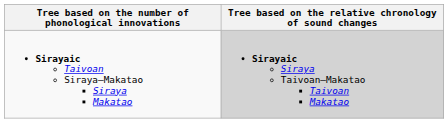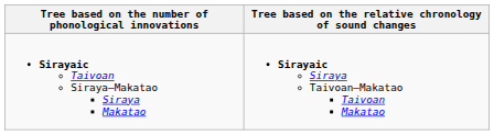 <table class=wikitable>
 <tr>
 <th>Tree based on the number of phonological innovations</th>
 <th>Tree based on the relative chronology of sound changes</th>
 </tr>
 <tr>
 <td><br><ul><li><strong>Sirayaic</strong><ul><li><em><a href='#'>Taivoan</a></em></li><li>Siraya–Makatao<ul><li><em><a href='#'>Siraya</a></em></li><li><em><a href='#'>Makatao</a></em></li></ul></li></ul></li></ul></td>
-<td style="background: lightgrey;"><br><ul><li><strong>Sirayaic</strong><ul><li><em><a href='#'>Siraya</a></em></li><li>Taivoan–Makatao<ul><li><em><a href='#'>Taivoan</a></em></li><li><em><a href='#'>Makatao</a></em></li></ul></li></ul></li></ul></td>
+<td><br><ul><li><strong>Sirayaic</strong><ul><li><em><a href='#'>Siraya</a></em></li><li>Taivoan–Makatao<ul><li><em><a href='#'>Taivoan</a></em></li><li><em><a href='#'>Makatao</a></em></li></ul></li></ul></li></ul></td>
 </tr>
 </table>
